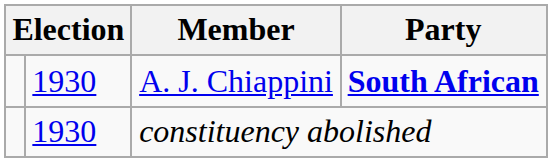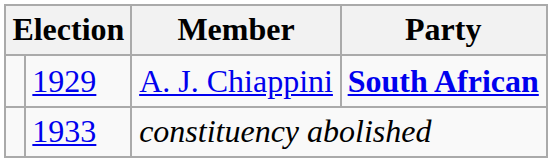 <table class="wikitable">
 <tr>
 <th colspan="2">Election</th>
 <th>Member</th>
 <th>Party</th>
 </tr>
 <tr>
 <td style="background-color: "></td>
-<td><a href='#'>1930</a></td>
+<td><a href='#'>1929</a></td>
 <td><a href='#'>A. J. Chiappini</a></td>
 <td><strong><a href='#'>South African</a></strong></td>
 </tr>
 <tr>
 <td style="background-color: "></td>
-<td><a href='#'>1930</a></td>
+<td><a href='#'>1933</a></td>
 <td colspan="2"><em>constituency abolished</em></td>
 </tr>
 <tr>
 </tr>
 </table>
